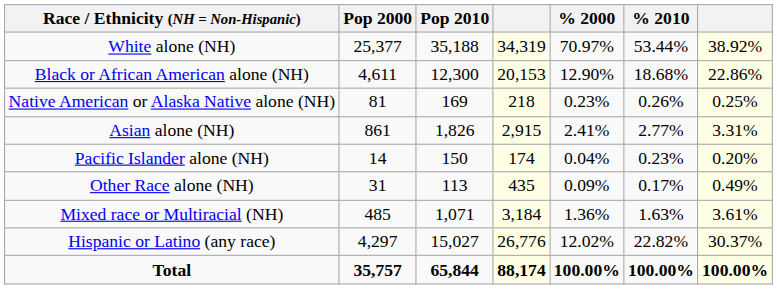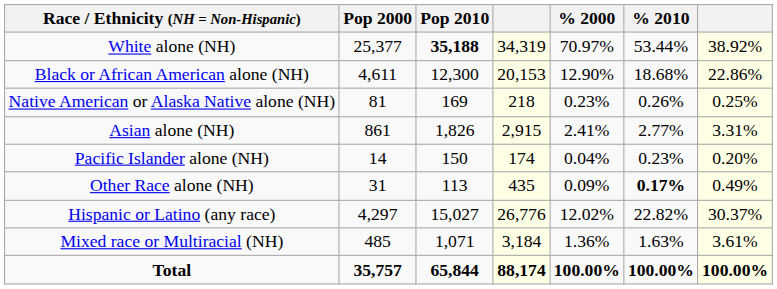 <table class="wikitable" style="text-align:center;">
 <tr>
 <th>Race / Ethnicity <small>(<em>NH = Non-Hispanic</em>)</small></th>
 <th>Pop 2000</th>
 <th>Pop 2010</th>
 <th></th>
 <th>% 2000</th>
 <th>% 2010</th>
 <th></th>
 </tr>
 <tr>
 <td><a href='#'>White</a> alone (NH)</td>
 <td>25,377</td>
-<td>35,188</td>
+<td><strong>35,188</strong></td>
 <td style='background: #ffffe6;'>34,319</td>
 <td>70.97%</td>
 <td>53.44%</td>
 <td style='background: #ffffe6;'>38.92%</td>
 </tr>
 <tr>
 <td><a href='#'>Black or African American</a> alone (NH)</td>
 <td>4,611</td>
 <td>12,300</td>
 <td style='background: #ffffe6;'>20,153</td>
 <td>12.90%</td>
 <td>18.68%</td>
 <td style='background: #ffffe6;'>22.86%</td>
 </tr>
 <tr>
 <td><a href='#'>Native American</a> or <a href='#'>Alaska Native</a> alone (NH)</td>
 <td>81</td>
 <td>169</td>
 <td style='background: #ffffe6;'>218</td>
 <td>0.23%</td>
 <td>0.26%</td>
 <td style='background: #ffffe6;'>0.25%</td>
 </tr>
 <tr>
 <td><a href='#'>Asian</a> alone (NH)</td>
 <td>861</td>
 <td>1,826</td>
 <td style='background: #ffffe6;'>2,915</td>
 <td>2.41%</td>
 <td>2.77%</td>
 <td style='background: #ffffe6;'>3.31%</td>
 </tr>
 <tr>
 <td><a href='#'>Pacific Islander</a> alone (NH)</td>
 <td>14</td>
 <td>150</td>
 <td style='background: #ffffe6;'>174</td>
 <td>0.04%</td>
 <td>0.23%</td>
 <td style='background: #ffffe6;'>0.20%</td>
 </tr>
 <tr>
 <td><a href='#'>Other Race</a> alone (NH)</td>
 <td>31</td>
 <td>113</td>
 <td style='background: #ffffe6;'>435</td>
 <td>0.09%</td>
-<td>0.17%</td>
+<td><strong>0.17%</strong></td>
 <td style='background: #ffffe6;'>0.49%</td>
+</tr>
+<tr>
+<td><a href='#'>Hispanic or Latino</a> (any race)</td>
+<td>4,297</td>
+<td>15,027</td>
+<td style='background: #ffffe6;'>26,776</td>
+<td>12.02%</td>
+<td>22.82%</td>
+<td style='background: #ffffe6;'>30.37%</td>
 </tr>
 <tr>
 <td><a href='#'>Mixed race or Multiracial</a> (NH)</td>
 <td>485</td>
 <td>1,071</td>
 <td style='background: #ffffe6;'>3,184</td>
 <td>1.36%</td>
 <td>1.63%</td>
 <td style='background: #ffffe6;'>3.61%</td>
 </tr>
 <tr>
-<td><a href='#'>Hispanic or Latino</a> (any race)</td>
-<td>4,297</td>
-<td>15,027</td>
-<td style='background: #ffffe6;'>26,776</td>
-<td>12.02%</td>
-<td>22.82%</td>
-<td style='background: #ffffe6;'>30.37%</td>
-</tr>
-<tr>
 <td><strong>Total</strong></td>
 <td><strong>35,757</strong></td>
 <td><strong>65,844</strong></td>
 <td style='background: #ffffe6;'><strong>88,174</strong></td>
 <td><strong>100.00%</strong></td>
 <td><strong>100.00%</strong></td>
 <td style='background: #ffffe6;'><strong>100.00%</strong></td>
 </tr>
 </table>
